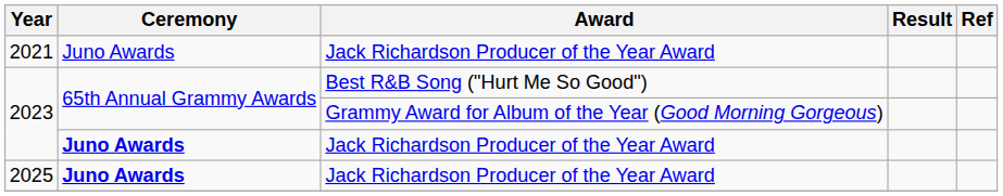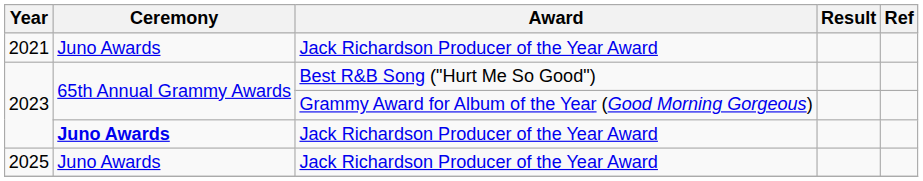 <table class="wikitable">
 <tr style="background:#ccc; text-align:center;">
 <th scope="col">Year</th>
 <th scope="col">Ceremony</th>
 <th scope="col">Award</th>
 <th scope="col">Result</th>
 <th>Ref</th>
 </tr>
 <tr>
 <td>2021</td>
 <td><a href='#'>Juno Awards</a></td>
 <td><a href='#'>Jack Richardson Producer of the Year Award</a></td>
 <td></td>
 <td style="text-align:center;"></td>
 </tr>
 <tr>
 <td rowspan="3">2023</td>
 <td rowspan="2"><a href='#'>65th Annual Grammy Awards</a></td>
 <td><a href='#'>Best R&B Song</a> ("Hurt Me So Good")</td>
 <td></td>
 <td style="text-align:center;"></td>
 </tr>
 <tr>
 <td><a href='#'>Grammy Award for Album of the Year</a> (<em><a href='#'>Good Morning Gorgeous</a></em>)</td>
 <td></td>
 <td style="text-align:center;"></td>
 </tr>
 <tr>
 <td><strong><a href='#'>Juno Awards</a></strong></td>
 <td><a href='#'>Jack Richardson Producer of the Year Award</a></td>
 <td></td>
 <td style="text-align:center;"></td>
 </tr>
 <tr>
 <td>2025</td>
-<td><strong><a href='#'>Juno Awards</a></strong></td>
+<td><a href='#'>Juno Awards</a></td>
 <td><a href='#'>Jack Richardson Producer of the Year Award</a></td>
 <td></td>
 <td style="text-align:center;"></td>
 </tr>
 <tr>
 </tr>
 </table>
